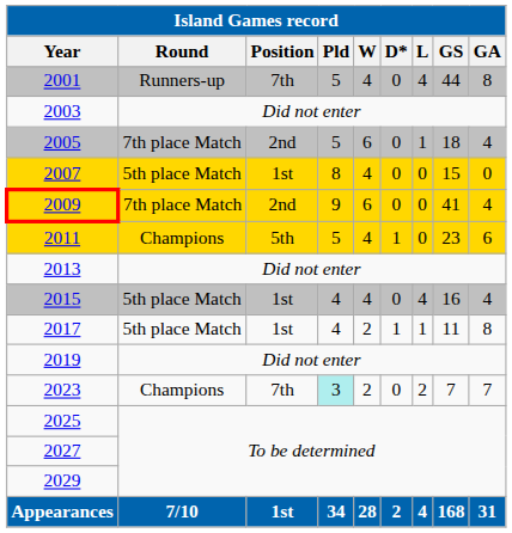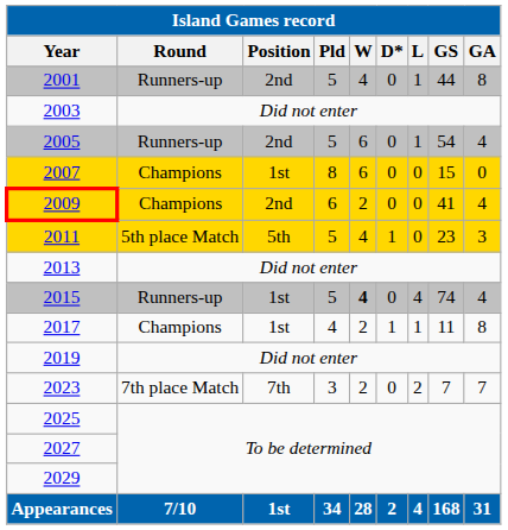 <table class="wikitable" style="text-align: center;font-size:90%;">
 <tr>
 <th colspan="9" style="background: #0064AE; color: white;"><strong>Island Games record</strong></th>
 </tr>
 <tr>
 <th>Year</th>
 <th>Round</th>
 <th>Position</th>
 <th>Pld</th>
 <th>W</th>
 <th>D*</th>
 <th>L</th>
 <th>GS</th>
 <th>GA</th>
 </tr>
 <tr style="background:silver;">
 <td> <a href='#'>2001</a></td>
 <td>Runners-up</td>
-<td>7th</td>
+<td>2nd</td>
 <td>5</td>
 <td>4</td>
 <td>0</td>
-<td>4</td>
+<td>1</td>
 <td>44</td>
 <td>8</td>
 </tr>
 <tr>
 <td> <a href='#'>2003</a></td>
 <td colspan="8"><em>Did not enter</em></td>
 </tr>
 <tr style="background:silver;">
 <td> <a href='#'>2005</a></td>
-<td>7th place Match</td>
+<td>Runners-up</td>
 <td>2nd</td>
 <td>5</td>
 <td>6</td>
 <td>0</td>
 <td>1</td>
-<td>18</td>
+<td>54</td>
 <td>4</td>
 </tr>
 <tr style="background:gold;">
 <td> <a href='#'>2007</a></td>
-<td>5th place Match</td>
+<td>Champions</td>
 <td>1st</td>
 <td>8</td>
-<td>4</td>
+<td>6</td>
 <td>0</td>
 <td>0</td>
 <td>15</td>
 <td>0</td>
 </tr>
 <tr style="background:gold;">
 <td style="border:3px solid red;"> <a href='#'>2009</a></td>
-<td>7th place Match</td>
+<td>Champions</td>
 <td>2nd</td>
-<td>9</td>
 <td>6</td>
+<td>2</td>
 <td>0</td>
 <td>0</td>
 <td>41</td>
 <td>4</td>
 </tr>
 <tr style="background:gold;">
 <td> <a href='#'>2011</a></td>
-<td>Champions</td>
+<td>5th place Match</td>
 <td>5th</td>
 <td>5</td>
 <td>4</td>
 <td>1</td>
 <td>0</td>
 <td>23</td>
-<td>6</td>
+<td>3</td>
 </tr>
 <tr>
 <td> <a href='#'>2013</a></td>
 <td colspan="8"><em>Did not enter</em></td>
 </tr>
 <tr style="background:silver;">
 <td> <a href='#'>2015</a></td>
-<td>5th place Match</td>
+<td>Runners-up</td>
 <td>1st</td>
-<td>4</td>
-<td>4</td>
+<td>5</td>
+<td><strong>4</strong></td>
 <td>0</td>
 <td>4</td>
-<td>16</td>
+<td>74</td>
 <td>4</td>
 </tr>
 <tr>
 <td> <a href='#'>2017</a></td>
-<td>5th place Match</td>
+<td>Champions</td>
 <td>1st</td>
 <td>4</td>
 <td>2</td>
 <td>1</td>
 <td>1</td>
 <td>11</td>
 <td>8</td>
 </tr>
 <tr>
 <td> <a href='#'>2019</a></td>
 <td colspan="8"><em>Did not enter</em></td>
 </tr>
 <tr>
 <td> <a href='#'>2023</a></td>
-<td>Champions</td>
+<td>7th place Match</td>
 <td>7th</td>
-<td style="background: paleturquoise;">3</td>
+<td>3</td>
 <td>2</td>
 <td>0</td>
 <td>2</td>
 <td>7</td>
 <td>7</td>
 </tr>
 <tr>
 <td> <a href='#'>2025</a></td>
 <td colspan="8" rowspan="3"><em>To be determined</em></td>
 </tr>
 <tr>
 <td> <a href='#'>2027</a></td>
 </tr>
 <tr>
 <td> <a href='#'>2029</a></td>
 </tr>
 <tr>
 <td colspan=1 style="background: #0064AE; color: white;"><strong>Appearances</strong></td>
 <td style="background: #0064AE; color: white;"><strong>7/10</strong></td>
 <td style="background: #0064AE; color: white;"><strong>1st</strong></td>
 <td style="background: #0064AE; color: white;"><strong>34</strong></td>
 <td style="background: #0064AE; color: white;"><strong>28</strong></td>
 <td style="background: #0064AE; color: white;"><strong>2</strong></td>
 <td style="background: #0064AE; color: white;"><strong>4</strong></td>
 <td style="background: #0064AE; color: white;"><strong>168</strong></td>
 <td style="background: #0064AE; color: white;"><strong>31</strong></td>
 </tr>
 </table>
